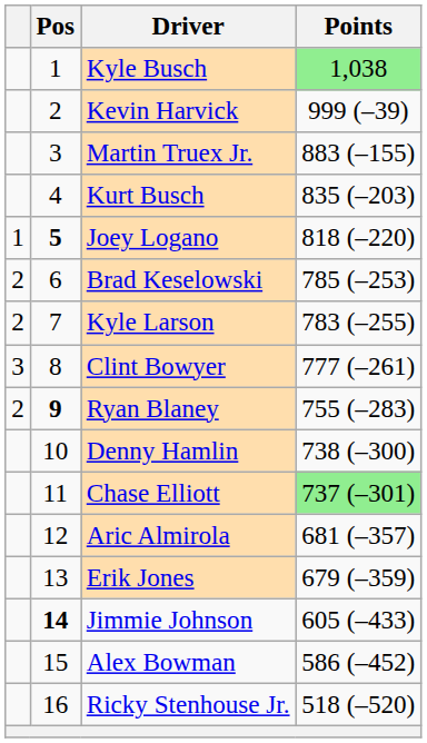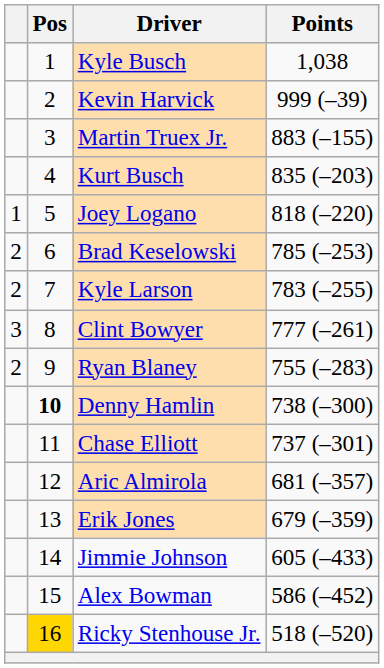 <table class="wikitable" style="font-size: 95%;">
 <tr>
 <th></th>
 <th>Pos</th>
 <th>Driver</th>
 <th>Points</th>
 </tr>
 <tr>
 <td align="left"></td>
 <td style="text-align:center;">1</td>
 <td style="background:#FFDEAD;"><a href='#'>Kyle Busch</a></td>
-<td style="background: lightgreen; text-align:center;">1,038</td>
+<td style="text-align:center;">1,038</td>
 </tr>
 <tr>
 <td align="left"></td>
 <td style="text-align:center;">2</td>
 <td style="background:#FFDEAD;"><a href='#'>Kevin Harvick</a></td>
 <td style="text-align:center;">999 (–39)</td>
 </tr>
 <tr>
 <td align="left"></td>
 <td style="text-align:center;">3</td>
 <td style="background:#FFDEAD;"><a href='#'>Martin Truex Jr.</a></td>
 <td style="text-align:center;">883 (–155)</td>
 </tr>
 <tr>
 <td align="left"></td>
 <td style="text-align:center;">4</td>
 <td style="background:#FFDEAD;"><a href='#'>Kurt Busch</a></td>
 <td style="text-align:center;">835 (–203)</td>
 </tr>
 <tr>
 <td align="left"> 1</td>
-<td style="text-align:center;"><strong>5</strong></td>
+<td style="text-align:center;">5</td>
 <td style="background:#FFDEAD;"><a href='#'>Joey Logano</a></td>
 <td style="text-align:center;">818 (–220)</td>
 </tr>
 <tr>
 <td align="left"> 2</td>
 <td style="text-align:center;">6</td>
 <td style="background:#FFDEAD;"><a href='#'>Brad Keselowski</a></td>
 <td style="text-align:center;">785 (–253)</td>
 </tr>
 <tr>
 <td align="left"> 2</td>
 <td style="text-align:center;">7</td>
 <td style="background:#FFDEAD;"><a href='#'>Kyle Larson</a></td>
 <td style="text-align:center;">783 (–255)</td>
 </tr>
 <tr>
 <td align="left"> 3</td>
 <td style="text-align:center;">8</td>
 <td style="background:#FFDEAD;"><a href='#'>Clint Bowyer</a></td>
 <td style="text-align:center;">777 (–261)</td>
 </tr>
 <tr>
 <td align="left"> 2</td>
-<td style="text-align:center;"><strong>9</strong></td>
+<td style="text-align:center;">9</td>
 <td style="background:#FFDEAD;"><a href='#'>Ryan Blaney</a></td>
 <td style="text-align:center;">755 (–283)</td>
 </tr>
 <tr>
 <td align="left"></td>
-<td style="text-align:center;">10</td>
+<td style="text-align:center;"><strong>10</strong></td>
 <td style="background:#FFDEAD;"><a href='#'>Denny Hamlin</a></td>
 <td style="text-align:center;">738 (–300)</td>
 </tr>
 <tr>
 <td align="left"></td>
 <td style="text-align:center;">11</td>
 <td style="background:#FFDEAD;"><a href='#'>Chase Elliott</a></td>
-<td style="background: lightgreen; text-align:center;">737 (–301)</td>
+<td style="text-align:center;">737 (–301)</td>
 </tr>
 <tr>
 <td align="left"></td>
 <td style="text-align:center;">12</td>
 <td style="background:#FFDEAD;"><a href='#'>Aric Almirola</a></td>
 <td style="text-align:center;">681 (–357)</td>
 </tr>
 <tr>
 <td align="left"></td>
 <td style="text-align:center;">13</td>
 <td style="background:#FFDEAD;"><a href='#'>Erik Jones</a></td>
 <td style="text-align:center;">679 (–359)</td>
 </tr>
 <tr>
 <td align="left"></td>
-<td style="text-align:center;"><strong>14</strong></td>
+<td style="text-align:center;">14</td>
 <td><a href='#'>Jimmie Johnson</a></td>
 <td style="text-align:center;">605 (–433)</td>
 </tr>
 <tr>
 <td align="left"></td>
 <td style="text-align:center;">15</td>
 <td><a href='#'>Alex Bowman</a></td>
 <td style="text-align:center;">586 (–452)</td>
 </tr>
 <tr>
 <td align="left"></td>
-<td style="text-align:center;">16</td>
+<td style="background: gold; text-align:center;">16</td>
 <td><a href='#'>Ricky Stenhouse Jr.</a></td>
 <td style="text-align:center;">518 (–520)</td>
 </tr>
 <tr class="sortbottom">
 <th colspan="9"></th>
 </tr>
 </table>
